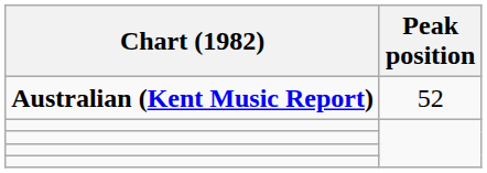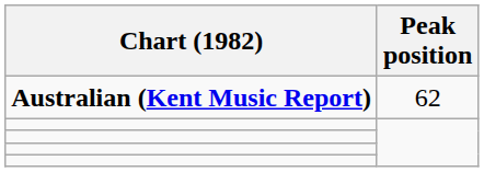 <table class="wikitable sortable">
 <tr>
 <th>Chart (1982)</th>
 <th>Peak<br>position</th>
 </tr>
 <tr>
 <td><strong>Australian (<a href='#'>Kent Music Report</a>)</strong></td>
-<td align="center">52</td>
+<td align="center">62</td>
 </tr>
 <tr>
 <td></td>
 </tr>
 <tr>
 <td></td>
 </tr>
 <tr>
 <td></td>
 </tr>
 <tr>
 <td></td>
 </tr>
 </table>
